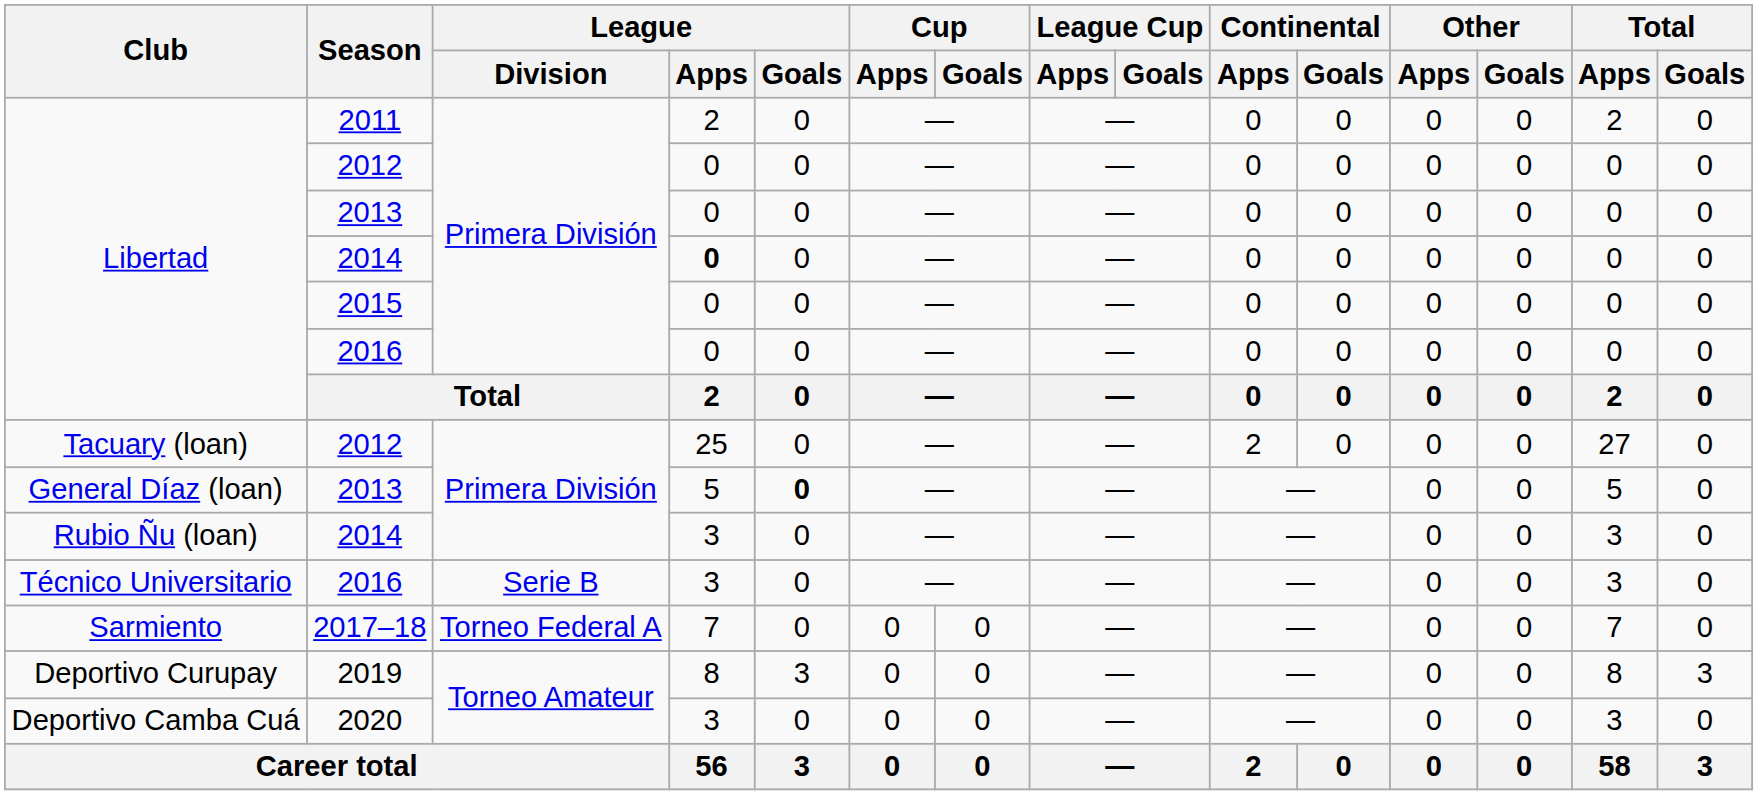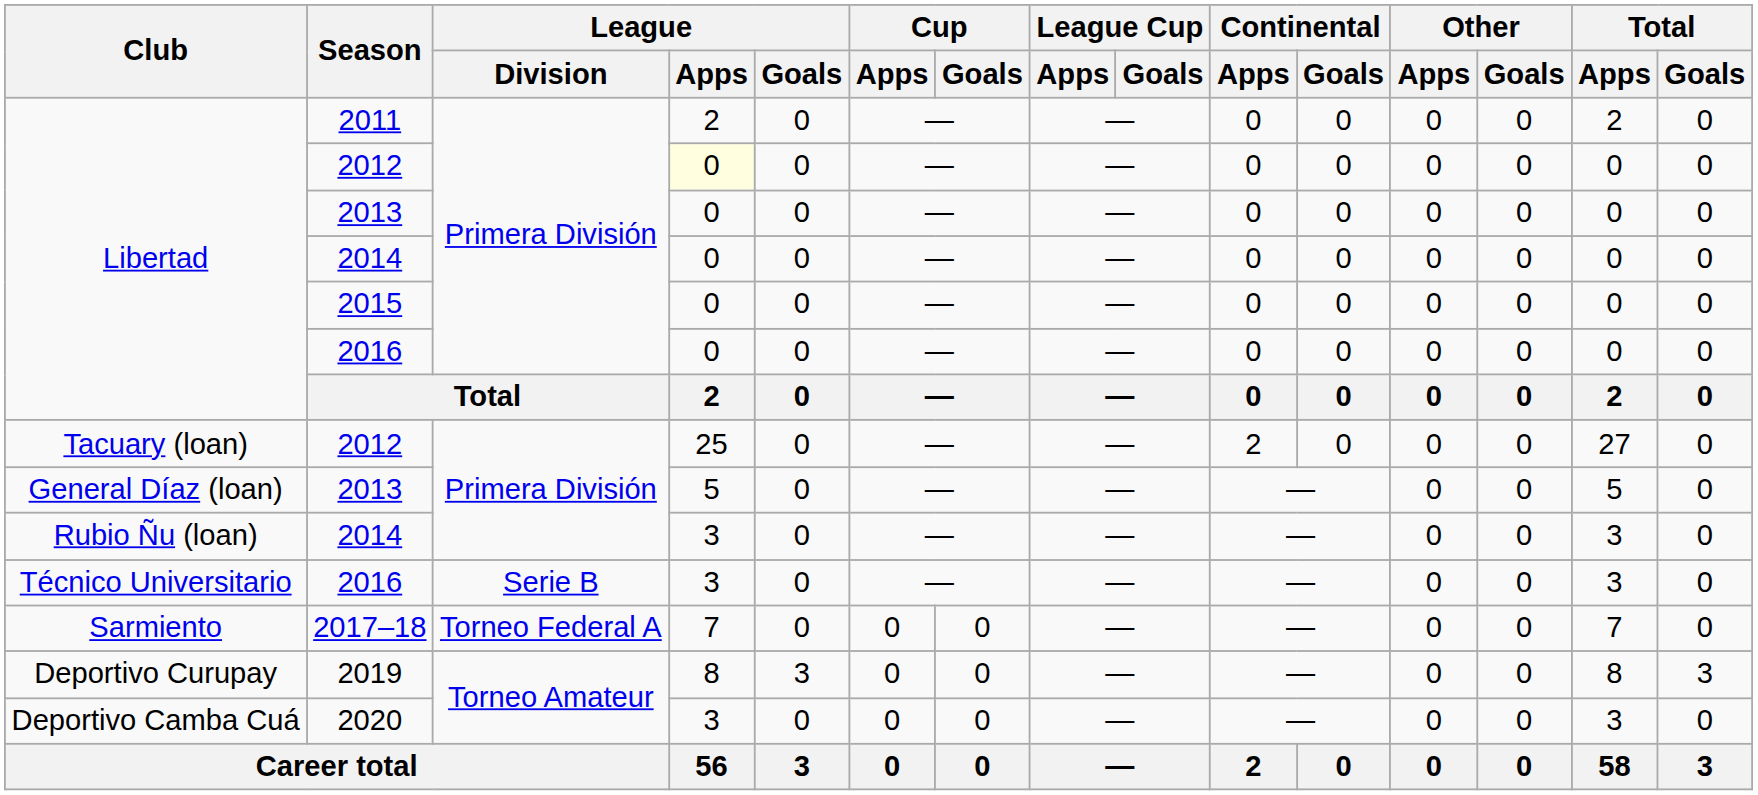 <table class="wikitable" style="text-align:center">
 <tr>
 <th rowspan="2">Club</th>
 <th rowspan="2">Season</th>
 <th colspan="3">League</th>
 <th colspan="2">Cup</th>
 <th colspan="2">League Cup</th>
 <th colspan="2">Continental</th>
 <th colspan="2">Other</th>
 <th colspan="2">Total</th>
 </tr>
 <tr>
 <th>Division</th>
 <th>Apps</th>
 <th>Goals</th>
 <th>Apps</th>
 <th>Goals</th>
 <th>Apps</th>
 <th>Goals</th>
 <th>Apps</th>
 <th>Goals</th>
 <th>Apps</th>
 <th>Goals</th>
 <th>Apps</th>
 <th>Goals</th>
 </tr>
 <tr>
 <td rowspan="7"><a href='#'>Libertad</a></td>
 <td><a href='#'>2011</a></td>
 <td rowspan="6"><a href='#'>Primera División</a></td>
 <td>2</td>
 <td>0</td>
 <td colspan="2">—</td>
 <td colspan="2">—</td>
 <td>0</td>
 <td>0</td>
 <td>0</td>
 <td>0</td>
 <td>2</td>
 <td>0</td>
 </tr>
 <tr>
 <td><a href='#'>2012</a></td>
-<td>0</td>
+<td style="background: lightyellow;">0</td>
 <td>0</td>
 <td colspan="2">—</td>
 <td colspan="2">—</td>
 <td>0</td>
 <td>0</td>
 <td>0</td>
 <td>0</td>
 <td>0</td>
 <td>0</td>
 </tr>
 <tr>
 <td><a href='#'>2013</a></td>
 <td>0</td>
 <td>0</td>
 <td colspan="2">—</td>
 <td colspan="2">—</td>
 <td>0</td>
 <td>0</td>
 <td>0</td>
 <td>0</td>
 <td>0</td>
 <td>0</td>
 </tr>
 <tr>
 <td><a href='#'>2014</a></td>
-<td><strong>0</strong></td>
+<td>0</td>
 <td>0</td>
 <td colspan="2">—</td>
 <td colspan="2">—</td>
 <td>0</td>
 <td>0</td>
 <td>0</td>
 <td>0</td>
 <td>0</td>
 <td>0</td>
 </tr>
 <tr>
 <td><a href='#'>2015</a></td>
 <td>0</td>
 <td>0</td>
 <td colspan="2">—</td>
 <td colspan="2">—</td>
 <td>0</td>
 <td>0</td>
 <td>0</td>
 <td>0</td>
 <td>0</td>
 <td>0</td>
 </tr>
 <tr>
 <td><a href='#'>2016</a></td>
 <td>0</td>
 <td>0</td>
 <td colspan="2">—</td>
 <td colspan="2">—</td>
 <td>0</td>
 <td>0</td>
 <td>0</td>
 <td>0</td>
 <td>0</td>
 <td>0</td>
 </tr>
 <tr>
 <th colspan="2">Total</th>
 <th>2</th>
 <th>0</th>
 <th colspan="2">—</th>
 <th colspan="2">—</th>
 <th>0</th>
 <th>0</th>
 <th>0</th>
 <th>0</th>
 <th>2</th>
 <th>0</th>
 </tr>
 <tr>
 <td rowspan="1"><a href='#'>Tacuary</a> (loan)</td>
 <td><a href='#'>2012</a></td>
 <td rowspan="3"><a href='#'>Primera División</a></td>
 <td>25</td>
 <td>0</td>
 <td colspan="2">—</td>
 <td colspan="2">—</td>
 <td>2</td>
 <td>0</td>
 <td>0</td>
 <td>0</td>
 <td>27</td>
 <td>0</td>
 </tr>
 <tr>
 <td rowspan="1"><a href='#'>General Díaz</a> (loan)</td>
 <td><a href='#'>2013</a></td>
 <td>5</td>
-<td><strong>0</strong></td>
+<td>0</td>
 <td colspan="2">—</td>
 <td colspan="2">—</td>
 <td colspan="2">—</td>
 <td>0</td>
 <td>0</td>
 <td>5</td>
 <td>0</td>
 </tr>
 <tr>
 <td rowspan="1"><a href='#'>Rubio Ñu</a> (loan)</td>
 <td><a href='#'>2014</a></td>
 <td>3</td>
 <td>0</td>
 <td colspan="2">—</td>
 <td colspan="2">—</td>
 <td colspan="2">—</td>
 <td>0</td>
 <td>0</td>
 <td>3</td>
 <td>0</td>
 </tr>
 <tr>
 <td rowspan="1"><a href='#'>Técnico Universitario</a></td>
 <td><a href='#'>2016</a></td>
 <td rowspan="1"><a href='#'>Serie B</a></td>
 <td>3</td>
 <td>0</td>
 <td colspan="2">—</td>
 <td colspan="2">—</td>
 <td colspan="2">—</td>
 <td>0</td>
 <td>0</td>
 <td>3</td>
 <td>0</td>
 </tr>
 <tr>
 <td rowspan="1"><a href='#'>Sarmiento</a></td>
 <td><a href='#'>2017–18</a></td>
 <td rowspan="1"><a href='#'>Torneo Federal A</a></td>
 <td>7</td>
 <td>0</td>
 <td>0</td>
 <td>0</td>
 <td colspan="2">—</td>
 <td colspan="2">—</td>
 <td>0</td>
 <td>0</td>
 <td>7</td>
 <td>0</td>
 </tr>
 <tr>
 <td rowspan="1">Deportivo Curupay</td>
 <td>2019</td>
 <td rowspan="2"><a href='#'>Torneo Amateur</a></td>
 <td>8</td>
 <td>3</td>
 <td>0</td>
 <td>0</td>
 <td colspan="2">—</td>
 <td colspan="2">—</td>
 <td>0</td>
 <td>0</td>
 <td>8</td>
 <td>3</td>
 </tr>
 <tr>
 <td rowspan="1">Deportivo Camba Cuá</td>
 <td>2020</td>
 <td>3</td>
 <td>0</td>
 <td>0</td>
 <td>0</td>
 <td colspan="2">—</td>
 <td colspan="2">—</td>
 <td>0</td>
 <td>0</td>
 <td>3</td>
 <td>0</td>
 </tr>
 <tr>
 <th colspan="3">Career total</th>
 <th>56</th>
 <th>3</th>
 <th>0</th>
 <th>0</th>
 <th colspan="2">—</th>
 <th>2</th>
 <th>0</th>
 <th>0</th>
 <th>0</th>
 <th>58</th>
 <th>3</th>
 </tr>
 </table>
